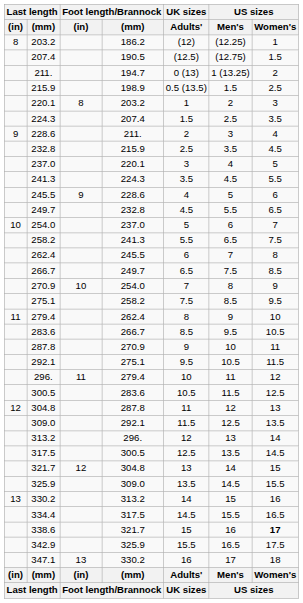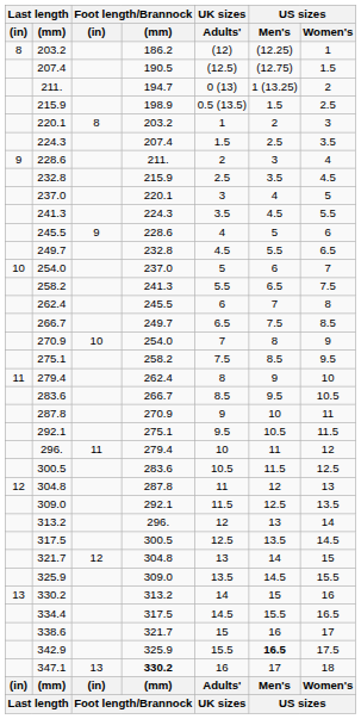 <table class="wikitable sortable" style="text-align:center; align:right">
 <tr>
 <th colspan=2>Last length</th>
 <th colspan=2>Foot length/Brannock</th>
 <th colspan=1>UK sizes</th>
 <th colspan=2>US sizes</th>
 </tr>
 <tr>
 <th data-sort-type="number">(in)</th>
 <th class="unsortable">(mm)</th>
 <th class="unsortable">(in)</th>
 <th class="unsortable">(mm)</th>
 <th class="unsortable">Adults'</th>
 <th class="unsortable">Men's</th>
 <th class="unsortable">Women's</th>
 </tr>
 <tr>
 <td>8</td>
 <td>203.2</td>
 <td data-sort-value="7.333"></td>
 <td>186.2</td>
 <td>(12)</td>
 <td>(12.25)</td>
 <td>1</td>
 </tr>
 <tr>
 <td data-sort-value="8.167"></td>
 <td>207.4</td>
 <td data-sort-value="7.5"></td>
 <td>190.5</td>
 <td>(12.5)</td>
 <td>(12.75)</td>
 <td>1.5</td>
 </tr>
 <tr>
 <td data-sort-value="8.333"></td>
 <td>211.</td>
 <td data-sort-value="7.667"></td>
 <td>194.7</td>
 <td>0 (13)</td>
 <td>1 (13.25)</td>
 <td>2</td>
 </tr>
 <tr>
 <td data-sort-value="8.5"></td>
 <td>215.9</td>
 <td data-sort-value="7.75"></td>
 <td>198.9</td>
 <td>0.5 (13.5)</td>
 <td>1.5</td>
 <td>2.5</td>
 </tr>
 <tr>
 <td data-sort-value="8.667"></td>
 <td>220.1</td>
 <td>8</td>
 <td>203.2</td>
 <td>1</td>
 <td>2</td>
 <td>3</td>
 </tr>
 <tr>
 <td data-sort-value="8.833"></td>
 <td>224.3</td>
 <td data-sort-value="8.167"></td>
 <td>207.4</td>
 <td>1.5</td>
 <td>2.5</td>
 <td>3.5</td>
 </tr>
 <tr>
 <td>9</td>
 <td>228.6</td>
 <td data-sort-value="8.333"></td>
 <td>211.</td>
 <td>2</td>
 <td>3</td>
 <td>4</td>
 </tr>
 <tr>
 <td data-sort-value="9.167"></td>
 <td>232.8</td>
 <td data-sort-value="8.5"></td>
 <td>215.9</td>
 <td>2.5</td>
 <td>3.5</td>
 <td>4.5</td>
 </tr>
 <tr>
 <td data-sort-value="9.333"></td>
 <td>237.0</td>
 <td data-sort-value="8.667"></td>
 <td>220.1</td>
 <td>3</td>
 <td>4</td>
 <td>5</td>
 </tr>
 <tr>
 <td data-sort-value="9.5"></td>
 <td>241.3</td>
 <td data-sort-value="8.833"></td>
 <td>224.3</td>
 <td>3.5</td>
 <td>4.5</td>
 <td>5.5</td>
 </tr>
 <tr>
 <td data-sort-value="9.667"></td>
 <td>245.5</td>
 <td>9</td>
 <td>228.6</td>
 <td>4</td>
 <td>5</td>
 <td>6</td>
 </tr>
 <tr>
 <td data-sort-value="9.833"></td>
 <td>249.7</td>
 <td data-sort-value="9.167"></td>
 <td>232.8</td>
 <td>4.5</td>
 <td>5.5</td>
 <td>6.5</td>
 </tr>
 <tr>
 <td>10</td>
 <td>254.0</td>
 <td data-sort-value="9.333"></td>
 <td>237.0</td>
 <td>5</td>
 <td>6</td>
 <td>7</td>
 </tr>
 <tr>
 <td data-sort-value="10.167"></td>
 <td>258.2</td>
 <td data-sort-value="9.5"></td>
 <td>241.3</td>
 <td>5.5</td>
 <td>6.5</td>
 <td>7.5</td>
 </tr>
 <tr>
 <td data-sort-value="10.333"></td>
 <td>262.4</td>
 <td data-sort-value="9.667"></td>
 <td>245.5</td>
 <td>6</td>
 <td>7</td>
 <td>8</td>
 </tr>
 <tr>
 <td data-sort-value="10.5"></td>
 <td>266.7</td>
 <td data-sort-value="9.833"></td>
 <td>249.7</td>
 <td>6.5</td>
 <td>7.5</td>
 <td>8.5</td>
 </tr>
 <tr>
 <td data-sort-value="10.667"></td>
 <td>270.9</td>
 <td>10</td>
 <td>254.0</td>
 <td>7</td>
 <td>8</td>
 <td>9</td>
 </tr>
 <tr>
 <td data-sort-value="10.833"></td>
 <td>275.1</td>
 <td data-sort-value="10.167"></td>
 <td>258.2</td>
 <td>7.5</td>
 <td>8.5</td>
 <td>9.5</td>
 </tr>
 <tr>
 <td>11</td>
 <td>279.4</td>
 <td data-sort-value="10.333"></td>
 <td>262.4</td>
 <td>8</td>
 <td>9</td>
 <td>10</td>
 </tr>
 <tr>
 <td data-sort-value="11.167"></td>
 <td>283.6</td>
 <td data-sort-value="10.5"></td>
 <td>266.7</td>
 <td>8.5</td>
 <td>9.5</td>
 <td>10.5</td>
 </tr>
 <tr>
 <td data-sort-value="11.333"></td>
 <td>287.8</td>
 <td data-sort-value="10.667"></td>
 <td>270.9</td>
 <td>9</td>
 <td>10</td>
 <td>11</td>
 </tr>
 <tr>
 <td data-sort-value="11.5"></td>
 <td>292.1</td>
 <td data-sort-value="10.833"></td>
 <td>275.1</td>
 <td>9.5</td>
 <td>10.5</td>
 <td>11.5</td>
 </tr>
 <tr>
 <td data-sort-value="11.667"></td>
 <td>296.</td>
 <td>11</td>
 <td>279.4</td>
 <td>10</td>
 <td>11</td>
 <td>12</td>
 </tr>
 <tr>
 <td data-sort-value="11.833"></td>
 <td>300.5</td>
 <td data-sort-value="11.167"></td>
 <td>283.6</td>
 <td>10.5</td>
 <td>11.5</td>
 <td>12.5</td>
 </tr>
 <tr>
 <td>12</td>
 <td>304.8</td>
 <td data-sort-value="11.333"></td>
 <td>287.8</td>
 <td>11</td>
 <td>12</td>
 <td>13</td>
 </tr>
 <tr>
 <td data-sort-value="12.167"></td>
 <td>309.0</td>
 <td data-sort-value="11.5"></td>
 <td>292.1</td>
 <td>11.5</td>
 <td>12.5</td>
 <td>13.5</td>
 </tr>
 <tr>
 <td data-sort-value="12.333"></td>
 <td>313.2</td>
 <td data-sort-value="11.667"></td>
 <td>296.</td>
 <td>12</td>
 <td>13</td>
 <td>14</td>
 </tr>
 <tr>
 <td data-sort-value="12.5"></td>
 <td>317.5</td>
 <td data-sort-value="11.833"></td>
 <td>300.5</td>
 <td>12.5</td>
 <td>13.5</td>
 <td>14.5</td>
 </tr>
 <tr>
 <td data-sort-value="12.667"></td>
 <td>321.7</td>
 <td>12</td>
 <td>304.8</td>
 <td>13</td>
 <td>14</td>
 <td>15</td>
 </tr>
 <tr>
 <td data-sort-value="12.833"></td>
 <td>325.9</td>
 <td data-sort-value="12.167"></td>
 <td>309.0</td>
 <td>13.5</td>
 <td>14.5</td>
 <td>15.5</td>
 </tr>
 <tr>
 <td>13</td>
 <td>330.2</td>
 <td data-sort-value="12.333"></td>
 <td>313.2</td>
 <td>14</td>
 <td>15</td>
 <td>16</td>
 </tr>
 <tr>
 <td data-sort-value="13.167"></td>
 <td>334.4</td>
 <td data-sort-value="12.5"></td>
 <td>317.5</td>
 <td>14.5</td>
 <td>15.5</td>
 <td>16.5</td>
 </tr>
 <tr>
 <td data-sort-value="13.333"></td>
 <td>338.6</td>
 <td data-sort-value="12.667"></td>
 <td>321.7</td>
 <td>15</td>
 <td>16</td>
-<td><strong>17</strong></td>
+<td>17</td>
 </tr>
 <tr>
 <td data-sort-value="13.5"></td>
 <td>342.9</td>
 <td data-sort-value="12.833"></td>
 <td>325.9</td>
 <td>15.5</td>
-<td>16.5</td>
+<td><strong>16.5</strong></td>
 <td>17.5</td>
 </tr>
 <tr>
 <td data-sort-value="13.667"></td>
 <td>347.1</td>
 <td>13</td>
-<td>330.2</td>
+<td><strong>330.2</strong></td>
 <td>16</td>
 <td>17</td>
 <td>18</td>
 </tr>
 <tr>
 <th>(in)</th>
 <th>(mm)</th>
 <th>(in)</th>
 <th>(mm)</th>
 <th>Adults'</th>
 <th>Men's</th>
 <th>Women's</th>
 </tr>
 <tr>
 <th colspan=2>Last length</th>
 <th colspan=2>Foot length/Brannock</th>
 <th colspan=1>UK sizes</th>
 <th colspan=2>US sizes</th>
 </tr>
 </table>
